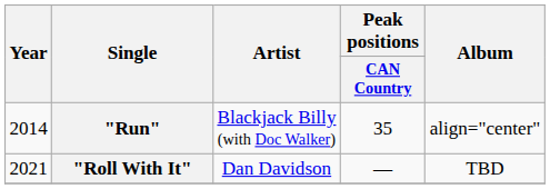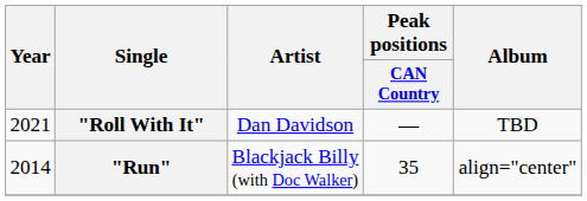 <table class="wikitable plainrowheaders" style="text-align:center;">
 <tr>
 <th rowspan="2">Year</th>
 <th rowspan="2" style="width:8em;">Single</th>
 <th rowspan="2">Artist</th>
 <th>Peak positions</th>
 <th rowspan="2">Album</th>
 </tr>
 <tr style="font-size:smaller;">
 <th width="65"><a href='#'>CAN Country</a></th>
 </tr>
 <tr>
+<td>2021</td>
+<th scope="row">"Roll With It"</th>
+<td><a href='#'>Dan Davidson</a></td>
+<td>—</td>
+<td align="center">TBD</td>
+</tr>
+<tr>
 <td>2014</td>
 <th scope="row">"Run"</th>
 <td><a href='#'>Blackjack Billy</a><br><small>(with <a href='#'>Doc Walker</a>)</small></td>
 <td>35</td>
 <td>align="center" </td>
 </tr>
 <tr>
-<td>2021</td>
-<th scope="row">"Roll With It"</th>
-<td><a href='#'>Dan Davidson</a></td>
-<td>—</td>
-<td align="center">TBD</td>
-</tr>
-<tr>
 </tr>
 </table>
